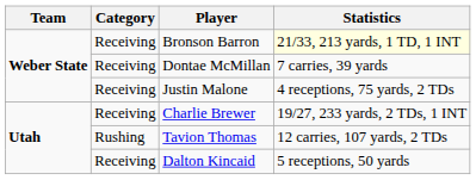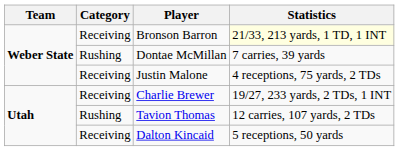 <table class="wikitable" style="float: left;">
 <tr>
 <th>Team</th>
 <th>Category</th>
 <th>Player</th>
 <th>Statistics</th>
 </tr>
 <tr>
 <td rowspan=3><strong>Weber State</strong></td>
 <td>Receiving</td>
 <td>Bronson Barron</td>
 <td style="background: lightyellow;">21/33, 213 yards, 1 TD, 1 INT</td>
 </tr>
 <tr>
-<td>Receiving</td>
+<td>Rushing</td>
 <td>Dontae McMillan</td>
 <td>7 carries, 39 yards</td>
 </tr>
 <tr>
 <td>Receiving</td>
 <td>Justin Malone</td>
 <td>4 receptions, 75 yards, 2 TDs</td>
 </tr>
 <tr>
 <td rowspan=3><strong>Utah</strong></td>
 <td>Receiving</td>
 <td><a href='#'>Charlie Brewer</a></td>
 <td>19/27, 233 yards, 2 TDs, 1 INT</td>
 </tr>
 <tr>
 <td>Rushing</td>
 <td><a href='#'>Tavion Thomas</a></td>
 <td>12 carries, 107 yards, 2 TDs</td>
 </tr>
 <tr>
 <td>Receiving</td>
 <td><a href='#'>Dalton Kincaid</a></td>
 <td>5 receptions, 50 yards</td>
 </tr>
 </table>
